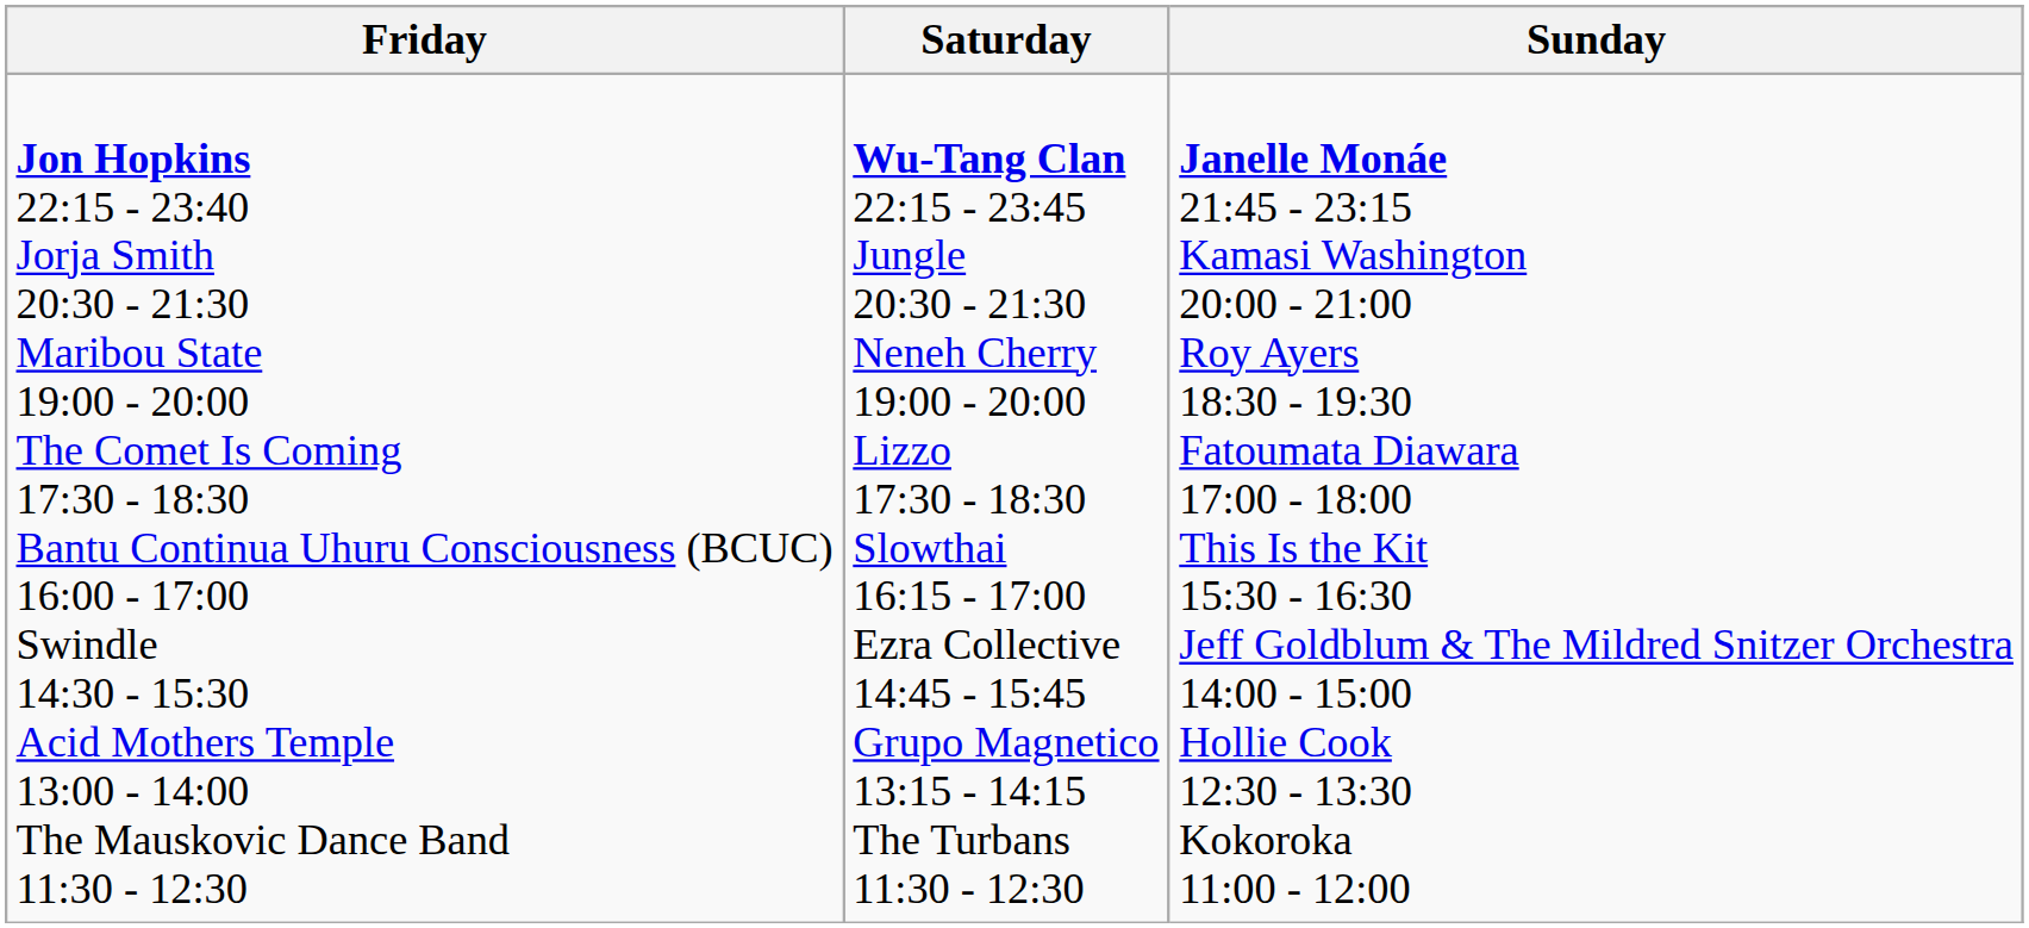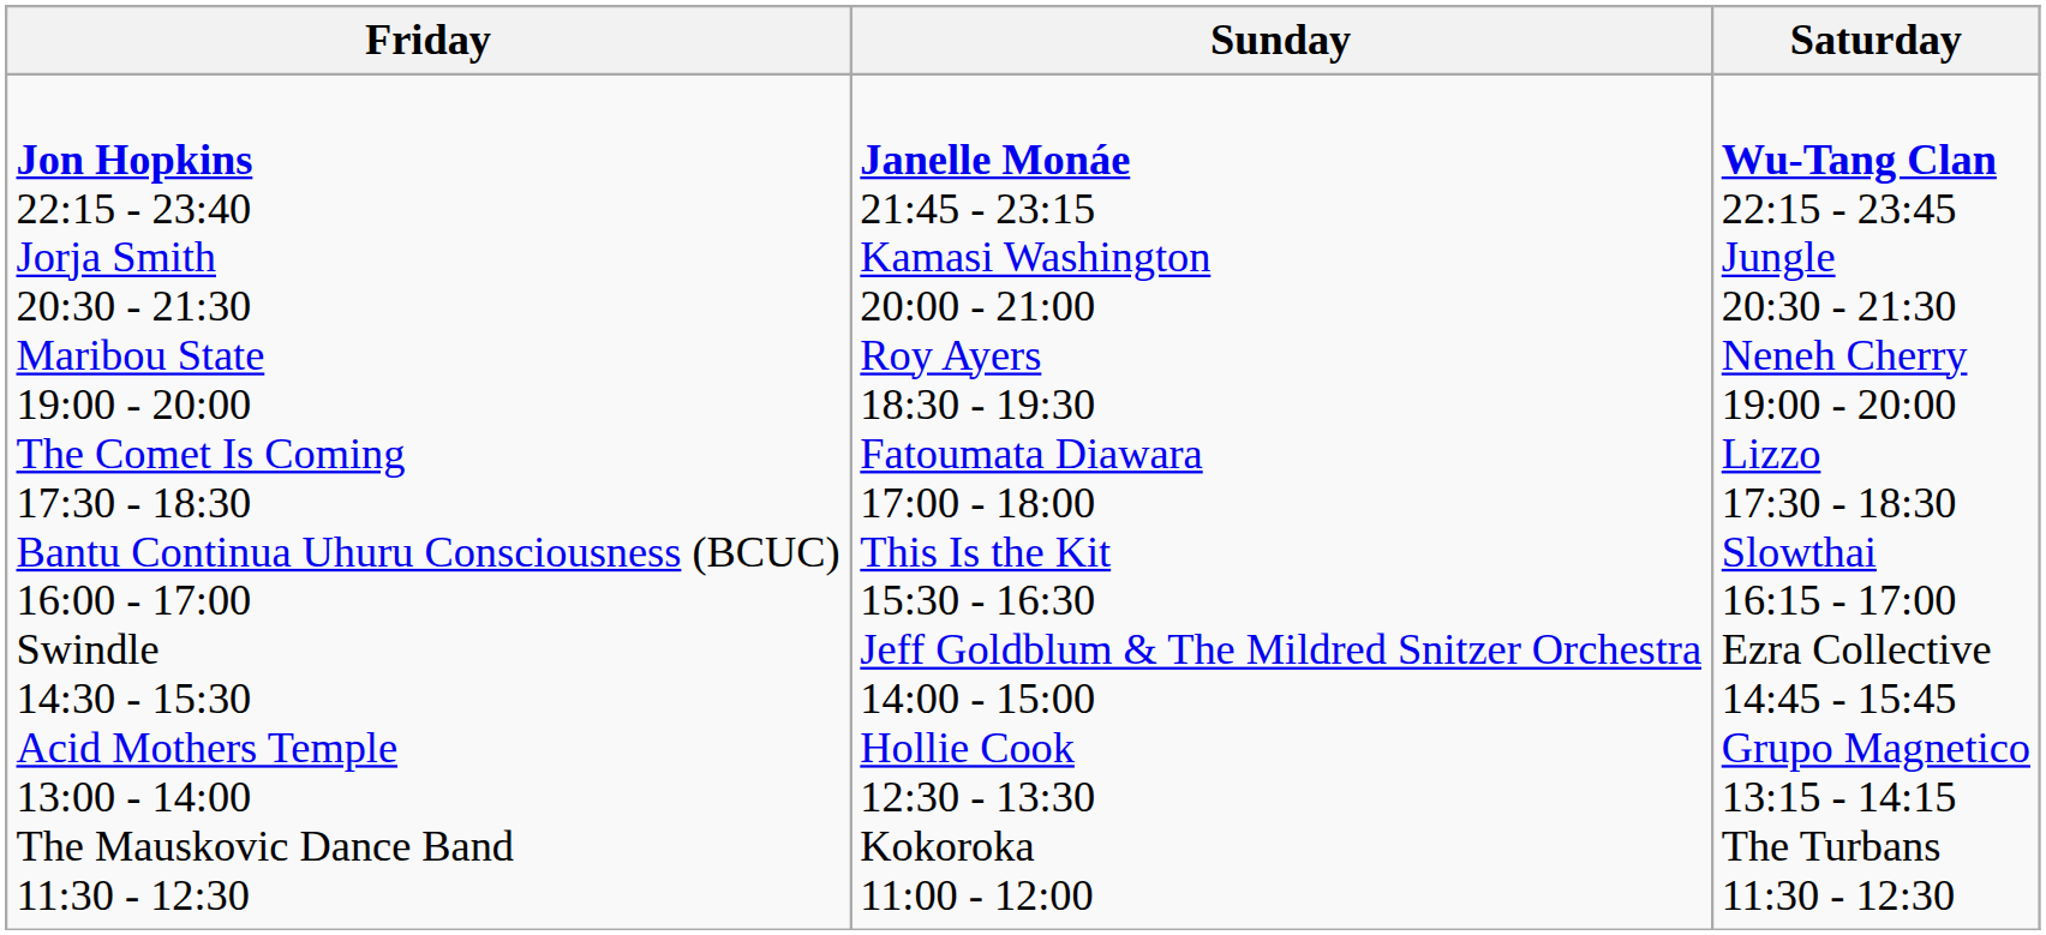 <table class="wikitable">
 <tr>
 <th>Friday</th>
+<th>Sunday</th>
 <th>Saturday</th>
-<th>Sunday</th>
 </tr>
 <tr valign="top">
 <td><br><strong><a href='#'>Jon Hopkins</a></strong> <br>22:15 - 23:40 <br><a href='#'>Jorja Smith</a> <br>20:30 - 21:30 <br><a href='#'>Maribou State</a> <br>19:00 - 20:00 <br><a href='#'>The Comet Is Coming</a> <br>17:30 - 18:30 <br><a href='#'>Bantu Continua Uhuru Consciousness</a> (BCUC) <br>16:00 - 17:00 <br>Swindle <br>14:30 - 15:30 <br><a href='#'>Acid Mothers Temple</a> <br>13:00 - 14:00 <br>The Mauskovic Dance Band <br>11:30 - 12:30</td>
+<td><br><strong><a href='#'>Janelle Monáe</a></strong> <br>21:45 - 23:15 <br><a href='#'>Kamasi Washington</a> <br>20:00 - 21:00 <br><a href='#'>Roy Ayers</a> <br>18:30 - 19:30 <br><a href='#'>Fatoumata Diawara</a> <br>17:00 - 18:00 <br><a href='#'>This Is the Kit</a> <br>15:30 - 16:30 <br><a href='#'>Jeff Goldblum & The Mildred Snitzer Orchestra</a>  <br>14:00 - 15:00 <br><a href='#'>Hollie Cook</a> <br>12:30 - 13:30 <br>Kokoroka <br>11:00 - 12:00</td>
 <td><br><strong><a href='#'>Wu-Tang Clan</a></strong> <br>22:15 - 23:45 <br><a href='#'>Jungle</a> <br>20:30 - 21:30 <br><a href='#'>Neneh Cherry</a> <br>19:00 - 20:00 <br><a href='#'>Lizzo</a> <br>17:30 - 18:30 <br><a href='#'>Slowthai</a> <br>16:15 - 17:00 <br>Ezra Collective <br>14:45 - 15:45 <br><a href='#'>Grupo Magnetico</a> <br>13:15 - 14:15 <br>The Turbans <br>11:30 - 12:30</td>
-<td><br><strong><a href='#'>Janelle Monáe</a></strong> <br>21:45 - 23:15 <br><a href='#'>Kamasi Washington</a> <br>20:00 - 21:00 <br><a href='#'>Roy Ayers</a> <br>18:30 - 19:30 <br><a href='#'>Fatoumata Diawara</a> <br>17:00 - 18:00 <br><a href='#'>This Is the Kit</a> <br>15:30 - 16:30 <br><a href='#'>Jeff Goldblum & The Mildred Snitzer Orchestra</a>  <br>14:00 - 15:00 <br><a href='#'>Hollie Cook</a> <br>12:30 - 13:30 <br>Kokoroka <br>11:00 - 12:00</td>
 </tr>
 </table>
